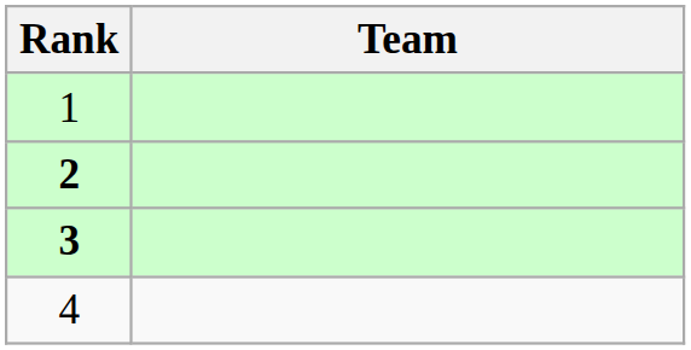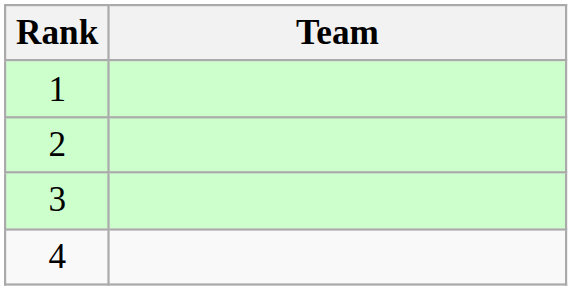 <table class="wikitable" style="text-align: center;">
 <tr>
 <th width=40>Rank</th>
 <th width=200>Team</th>
 </tr>
 <tr bgcolor=#ccffcc>
 <td>1</td>
 <td align=left></td>
 </tr>
 <tr bgcolor=#ccffcc>
-<td><strong>2</strong></td>
+<td>2</td>
 <td align=left></td>
 </tr>
 <tr bgcolor=#ccffcc>
-<td><strong>3</strong></td>
+<td>3</td>
 <td align=left></td>
 </tr>
 <tr>
 <td>4</td>
 <td align=left></td>
 </tr>
 </table>
